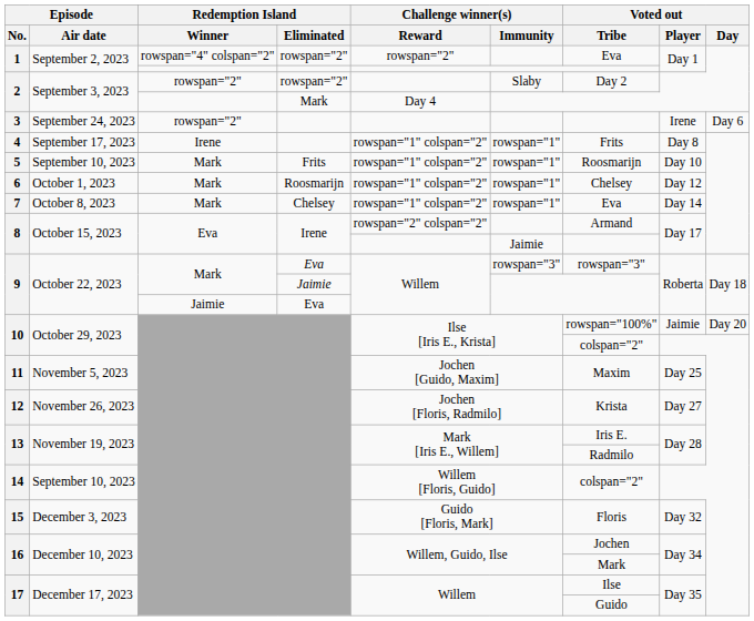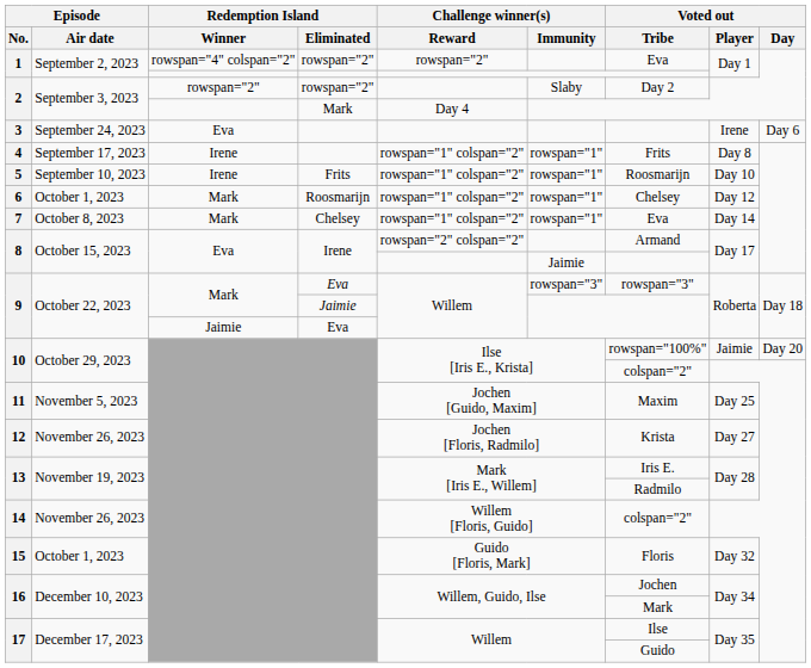 <table class="wikitable unsortable" style="text-align:center;">
 <tr>
 <th colspan="2" scope="col">Episode</th>
 <th colspan="2" scope="col group">Redemption Island</th>
 <th colspan="2" scope="col group">Challenge winner(s)</th>
 <th colspan="3" scope="col group">Voted out</th>
 </tr>
 <tr>
 <th scope="col">No.</th>
 <th scope="col">Air date</th>
 <th scope="col">Winner</th>
 <th scope="col">Eliminated</th>
 <th scope="col">Reward</th>
 <th scope="col">Immunity</th>
 <th scope="col">Tribe</th>
 <th scope="col">Player</th>
 <th scope="col">Day</th>
 </tr>
 <tr>
 <th rowspan="2" scope="row">1</th>
 <td rowspan="2" align="left">September 2, 2023</td>
 <td>rowspan="4" colspan="2" </td>
 <td>rowspan="2" </td>
 <td>rowspan="2" </td>
 <td></td>
 <td>Eva</td>
 <td rowspan="2">Day 1</td>
 </tr>
 <tr>
 <td></td>
 <td></td>
 </tr>
 <tr>
 <th rowspan="2" scope="row">2</th>
 <td rowspan="2" align="left">September 3, 2023</td>
 <td>rowspan="2" </td>
 <td>rowspan="2" </td>
 <td></td>
 <td>Slaby</td>
 <td>Day 2</td>
 </tr>
 <tr>
 <td></td>
 <td>Mark</td>
 <td>Day 4</td>
 </tr>
 <tr>
 <th scope="row">3</th>
 <td rowspan="1" align="left">September 24, 2023</td>
-<td>rowspan="2" </td>
+<td>Eva</td>
 <td></td>
 <td></td>
 <td></td>
 <td></td>
 <td>Irene</td>
 <td>Day 6</td>
 </tr>
 <tr>
 <th rowspan="1" scope="row">4</th>
 <td rowspan="1" align="left">September 17, 2023</td>
 <td>Irene</td>
 <td rowspan="1"></td>
 <td>rowspan="1" colspan="2" </td>
 <td>rowspan="1" </td>
 <td rowspan="1">Frits</td>
 <td>Day 8</td>
 </tr>
 <tr>
 <th rowspan="1" scope="row">5</th>
 <td align="left">September 10, 2023</td>
-<td>Mark</td>
+<td>Irene</td>
 <td rowspan="1">Frits</td>
 <td>rowspan="1" colspan="2" </td>
 <td>rowspan="1" </td>
 <td rowspan="1">Roosmarijn</td>
 <td>Day 10</td>
 </tr>
 <tr>
 <th rowspan="1" scope="row">6</th>
 <td rowspan="1" align="left">October 1, 2023</td>
 <td>Mark</td>
 <td rowspan="1">Roosmarijn</td>
 <td>rowspan="1" colspan="2" </td>
 <td>rowspan="1" </td>
 <td rowspan="1">Chelsey</td>
 <td>Day 12</td>
 </tr>
 <tr>
 <th rowspan="1" scope="row">7</th>
 <td rowspan="1" align="left">October 8, 2023</td>
 <td>Mark</td>
 <td rowspan="1">Chelsey</td>
 <td>rowspan="1" colspan="2" </td>
 <td>rowspan="1" </td>
 <td rowspan="1">Eva</td>
 <td>Day 14</td>
 </tr>
 <tr>
 <th rowspan="2" scope="row">8</th>
 <td rowspan="2" align="left">October 15, 2023</td>
 <td rowspan="2">Eva</td>
 <td rowspan="2">Irene</td>
 <td>rowspan="2" colspan="2" </td>
 <td></td>
 <td>Armand</td>
 <td rowspan="2">Day 17</td>
 </tr>
 <tr>
 <td></td>
 <td>Jaimie</td>
 </tr>
 <tr>
 <th rowspan="3" scope="row">9</th>
 <td rowspan="3" align="left">October 22, 2023</td>
 <td rowspan="2">Mark</td>
 <td><em>Eva</em></td>
 <td rowspan="3">Willem</td>
 <td>rowspan="3" </td>
 <td>rowspan="3" </td>
 <td rowspan="3">Roberta</td>
 <td rowspan="3">Day 18</td>
 </tr>
 <tr>
 <td><em>Jaimie</em></td>
 </tr>
 <tr>
 <td>Jaimie</td>
 <td>Eva</td>
 </tr>
 <tr>
 <th rowspan="2" scope="row">10</th>
 <td rowspan="2" align="left">October 29, 2023</td>
 <td rowspan="100%" colspan="2" style="background:darkgray; border:none;"></td>
 <td rowspan="2" colspan="2">Ilse<br>[Iris E., Krista]</td>
 <td>rowspan="100%" </td>
 <td>Jaimie</td>
 <td>Day 20</td>
 </tr>
 <tr>
 <td>colspan="2" </td>
 </tr>
 <tr>
 <th scope="row">11</th>
 <td align="left">November 5, 2023</td>
 <td colspan="2">Jochen<br>[Guido, Maxim]</td>
 <td>Maxim</td>
 <td>Day 25</td>
 </tr>
 <tr>
 <th scope="row">12</th>
 <td align="left">November 26, 2023</td>
 <td colspan="2">Jochen<br>[Floris, Radmilo]</td>
 <td>Krista</td>
 <td>Day 27</td>
 </tr>
 <tr>
 <th rowspan="2" scope="row">13</th>
 <td rowspan="2" align="left">November 19, 2023</td>
 <td rowspan="2" colspan="2">Mark<br>[Iris E., Willem]</td>
 <td>Iris E.</td>
 <td rowspan="2">Day 28</td>
 </tr>
 <tr>
 <td>Radmilo</td>
 </tr>
 <tr>
 <th scope="row">14</th>
-<td align="left">September 10, 2023</td>
+<td align="left">November 26, 2023</td>
 <td colspan="2">Willem<br>[Floris, Guido]</td>
 <td>colspan="2" </td>
 </tr>
 <tr>
 <th scope="row">15</th>
-<td align="left">December 3, 2023</td>
+<td rowspan="1" align="left">October 1, 2023</td>
 <td colspan="2">Guido<br>[Floris, Mark]</td>
 <td>Floris</td>
 <td>Day 32</td>
 </tr>
 <tr>
 <th rowspan="2" scope="row">16</th>
 <td rowspan="2" align="left">December 10, 2023</td>
 <td rowspan="2" colspan="2">Willem, Guido, Ilse</td>
 <td colspan="1">Jochen</td>
 <td rowspan="2">Day 34</td>
 </tr>
 <tr>
 <td rowspan="1">Mark</td>
 </tr>
 <tr>
 <th rowspan="3" scope="row">17</th>
 <td rowspan="3" align="left">December 17, 2023</td>
 <td rowspan="3" colspan="2">Willem</td>
 <td colspan="1">Ilse</td>
 <td rowspan="3">Day 35</td>
 </tr>
 <tr>
 <td colspan="1">Guido</td>
 </tr>
 </table>
